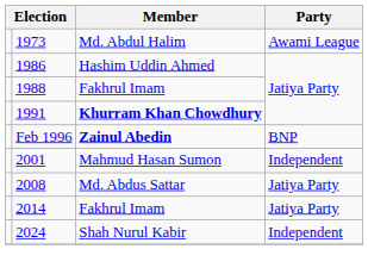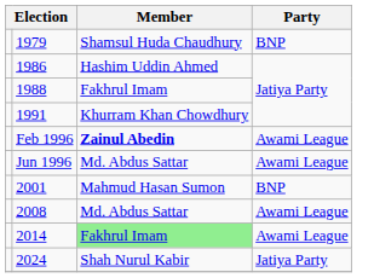 <table class="wikitable">
 <tr>
 <th colspan="2">Election</th>
 <th>Member</th>
 <th>Party</th>
 </tr>
 <tr>
 <td style="background-color:"></td>
-<td><a href='#'>1973</a></td>
-<td><a href='#'>Md. Abdul Halim</a></td>
-<td><a href='#'>Awami League</a></td>
+<td><a href='#'>1979</a></td>
+<td><a href='#'>Shamsul Huda Chaudhury</a></td>
+<td><a href='#'>BNP</a></td>
 </tr>
 <tr>
 <td style="background-color:"></td>
 <td><a href='#'>1986</a></td>
 <td><a href='#'>Hashim Uddin Ahmed</a></td>
 <td rowspan="3"><a href='#'>Jatiya Party</a></td>
 </tr>
 <tr>
 <td style="background-color:"></td>
 <td><a href='#'>1988</a></td>
 <td><a href='#'>Fakhrul Imam</a></td>
 </tr>
 <tr>
 <td style="background-color:"></td>
 <td><a href='#'>1991</a></td>
-<td><strong><a href='#'>Khurram Khan Chowdhury</a></strong></td>
+<td><a href='#'>Khurram Khan Chowdhury</a></td>
 </tr>
 <tr>
 <td style="background-color:"></td>
 <td><a href='#'>Feb 1996</a></td>
 <td><strong><a href='#'>Zainul Abedin</a></strong></td>
-<td><a href='#'>BNP</a></td>
+<td><a href='#'>Awami League</a></td>
+</tr>
+<tr>
+<td style="background-color:"></td>
+<td><a href='#'>Jun 1996</a></td>
+<td><a href='#'>Md. Abdus Sattar</a></td>
+<td><a href='#'>Awami League</a></td>
 </tr>
 <tr>
 <td style="background-color:"></td>
 <td><a href='#'>2001</a></td>
 <td><a href='#'>Mahmud Hasan Sumon</a></td>
-<td><a href='#'>Independent</a></td>
+<td><a href='#'>BNP</a></td>
 </tr>
 <tr>
 <td style="background-color:"></td>
 <td><a href='#'>2008</a></td>
 <td><a href='#'>Md. Abdus Sattar</a></td>
-<td><a href='#'>Jatiya Party</a></td>
+<td><a href='#'>Awami League</a></td>
 </tr>
 <tr>
 <td style="background-color:"></td>
 <td><a href='#'>2014</a></td>
-<td><a href='#'>Fakhrul Imam</a></td>
-<td><a href='#'>Jatiya Party</a></td>
+<td style="background: lightgreen;"><a href='#'>Fakhrul Imam</a></td>
+<td><a href='#'>Awami League</a></td>
 </tr>
 <tr>
 <td style="background-color:"></td>
 <td><a href='#'>2024</a></td>
 <td><a href='#'>Shah Nurul Kabir</a></td>
-<td><a href='#'>Independent</a></td>
+<td><a href='#'>Jatiya Party</a></td>
 </tr>
 <tr>
 </tr>
 </table>
